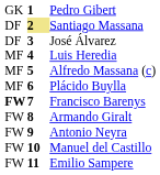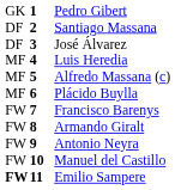 <table cellspacing="0" cellpadding="0" style="font-size:90%; margin:0.2em auto;">
 <tr>
 <th width="25"></th>
 <th width="25"></th>
 </tr>
 <tr>
 <td>GK</td>
 <td><strong>1</strong></td>
 <td> <a href='#'>Pedro Gibert</a></td>
 </tr>
 <tr>
 <td>DF</td>
-<td style="background: khaki;"><strong>2</strong></td>
+<td><strong>2</strong></td>
 <td> <a href='#'>Santiago Massana</a></td>
 </tr>
 <tr>
 <td>DF</td>
 <td><strong>3</strong></td>
 <td> José Álvarez</td>
 </tr>
 <tr>
 <td>MF</td>
 <td><strong>4</strong></td>
 <td> <a href='#'>Luis Heredia</a></td>
 </tr>
 <tr>
 <td>MF</td>
 <td><strong>5</strong></td>
 <td> <a href='#'>Alfredo Massana</a> (<a href='#'>c</a>)</td>
 </tr>
 <tr>
 <td>MF</td>
 <td><strong>6</strong></td>
 <td> <a href='#'>Plácido Buylla</a></td>
 </tr>
 <tr>
-<td><strong>FW</strong></td>
+<td>FW</td>
 <td><strong>7</strong></td>
 <td> <a href='#'>Francisco Barenys</a></td>
 </tr>
 <tr>
 <td>FW</td>
 <td><strong>8</strong></td>
 <td> <a href='#'>Armando Giralt</a></td>
 </tr>
 <tr>
 <td>FW</td>
 <td><strong>9</strong></td>
 <td> <a href='#'>Antonio Neyra</a></td>
 </tr>
 <tr>
 <td>FW</td>
 <td><strong>10</strong></td>
 <td> <a href='#'>Manuel del Castillo</a></td>
 </tr>
 <tr>
-<td>FW</td>
+<td><strong>FW</strong></td>
 <td><strong>11</strong></td>
 <td> <a href='#'>Emilio Sampere</a></td>
 </tr>
 </table>
